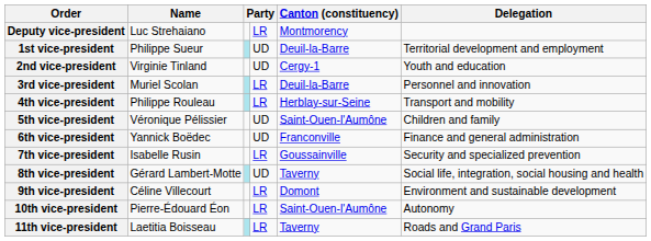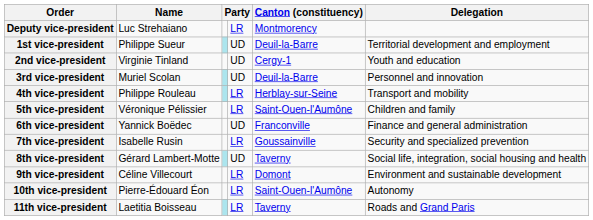 <table class="wikitable sortable">
 <tr>
 <th>Order</th>
 <th>Name</th>
 <th colspan="2">Party</th>
 <th><a href='#'>Canton</a> (constituency)</th>
 <th>Delegation</th>
 </tr>
 <tr>
 <th>Deputy vice-president</th>
 <td>Luc Strehaiano</td>
 <td style="color:inherit;background:"></td>
 <td><a href='#'>LR</a></td>
 <td><a href='#'>Montmorency</a></td>
 <td></td>
 </tr>
 <tr>
 <th>1st vice-president</th>
 <td>Philippe Sueur</td>
 <td style="color:inherit;background:#ACE5EE"></td>
 <td>UD</td>
 <td><a href='#'>Deuil-la-Barre</a></td>
 <td>Territorial development and employment</td>
 </tr>
 <tr>
 <th>2nd vice-president</th>
 <td>Virginie Tinland</td>
 <td style="color:inherit;background:"></td>
 <td>UD</td>
 <td><a href='#'>Cergy-1</a></td>
 <td>Youth and education</td>
 </tr>
 <tr>
 <th>3rd vice-president</th>
 <td>Muriel Scolan</td>
 <td style="color:inherit;background:#ACE5EE"></td>
-<td><a href='#'>LR</a></td>
+<td>UD</td>
 <td><a href='#'>Deuil-la-Barre</a></td>
 <td>Personnel and innovation</td>
 </tr>
 <tr>
 <th>4th vice-president</th>
 <td>Philippe Rouleau</td>
 <td style="color:inherit;background:#ACE5EE"></td>
 <td><a href='#'>LR</a></td>
 <td><a href='#'>Herblay-sur-Seine</a></td>
 <td>Transport and mobility</td>
 </tr>
 <tr>
 <th>5th vice-president</th>
 <td>Véronique Pélissier</td>
 <td style="color:inherit;background:"></td>
-<td>UD</td>
+<td><a href='#'>LR</a></td>
 <td><a href='#'>Saint-Ouen-l'Aumône</a></td>
 <td>Children and family</td>
 </tr>
 <tr>
 <th>6th vice-president</th>
 <td>Yannick Boëdec</td>
 <td style="color:inherit;background:"></td>
 <td>UD</td>
 <td><a href='#'>Franconville</a></td>
 <td>Finance and general administration</td>
 </tr>
 <tr>
 <th>7th vice-president</th>
 <td>Isabelle Rusin</td>
 <td style="color:inherit;background:"></td>
 <td><a href='#'>LR</a></td>
 <td><a href='#'>Goussainville</a></td>
 <td>Security and specialized prevention</td>
 </tr>
 <tr>
 <th>8th vice-president</th>
 <td>Gérard Lambert-Motte</td>
 <td style="color:inherit;background:#ACE5EE"></td>
 <td>UD</td>
 <td><a href='#'>Taverny</a></td>
 <td>Social life, integration, social housing and health</td>
 </tr>
 <tr>
 <th>9th vice-president</th>
 <td>Céline Villecourt</td>
 <td style="color:inherit;background:"></td>
 <td><a href='#'>LR</a></td>
 <td><a href='#'>Domont</a></td>
 <td>Environment and sustainable development</td>
 </tr>
 <tr>
 <th>10th vice-president</th>
 <td>Pierre-Édouard Éon</td>
 <td style="color:inherit;background:"></td>
 <td><a href='#'>LR</a></td>
 <td><a href='#'>Saint-Ouen-l'Aumône</a></td>
 <td>Autonomy</td>
 </tr>
 <tr>
 <th>11th vice-president</th>
 <td>Laetitia Boisseau</td>
 <td style="color:inherit;background:#ACE5EE"></td>
 <td><a href='#'>LR</a></td>
 <td><a href='#'>Taverny</a></td>
 <td>Roads and <a href='#'>Grand Paris</a></td>
 </tr>
 </table>
